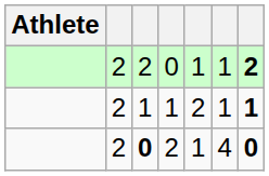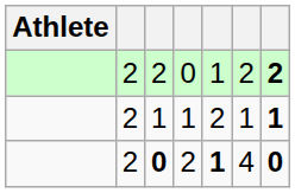 <table class=wikitable style="text-align:center">
 <tr>
 <th>Athlete</th>
 <th></th>
 <th></th>
 <th></th>
 <th></th>
 <th></th>
 <th></th>
 </tr>
 <tr bgcolor=ccffcc>
 <td style="text-align:left"></td>
 <td>2</td>
 <td>2</td>
 <td>0</td>
 <td>1</td>
-<td>1</td>
+<td>2</td>
 <td><strong>2</strong></td>
 </tr>
 <tr>
 <td style="text-align:left"></td>
 <td>2</td>
 <td>1</td>
 <td>1</td>
 <td>2</td>
 <td>1</td>
 <td><strong>1</strong></td>
 </tr>
 <tr>
 <td style="text-align:left"></td>
 <td>2</td>
 <td><strong>0</strong></td>
 <td>2</td>
-<td>1</td>
+<td><strong>1</strong></td>
 <td>4</td>
 <td><strong>0</strong></td>
 </tr>
 </table>
